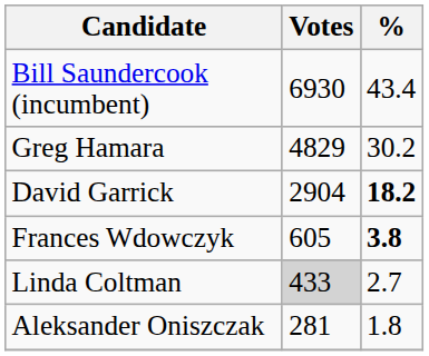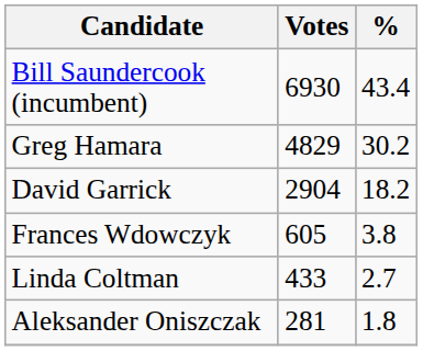 <table class="wikitable">
 <tr>
 <th bgcolor="#DDDDFF" width="150px">Candidate</th>
 <th bgcolor="#DDDDFF">Votes</th>
 <th bgcolor="#DDDDFF">%</th>
 </tr>
 <tr>
 <td><a href='#'>Bill Saundercook</a> (incumbent)</td>
 <td>6930</td>
 <td>43.4</td>
 </tr>
 <tr>
 <td>Greg Hamara</td>
 <td>4829</td>
 <td>30.2</td>
 </tr>
 <tr>
 <td>David Garrick</td>
 <td>2904</td>
-<td><strong>18.2</strong></td>
+<td>18.2</td>
 </tr>
 <tr>
 <td>Frances Wdowczyk</td>
 <td>605</td>
-<td><strong>3.8</strong></td>
+<td>3.8</td>
 </tr>
 <tr>
 <td>Linda Coltman</td>
-<td style="background: lightgrey;">433</td>
+<td>433</td>
 <td>2.7</td>
 </tr>
 <tr>
 <td>Aleksander Oniszczak</td>
 <td>281</td>
 <td>1.8</td>
 </tr>
 <tr>
 </tr>
 </table>
